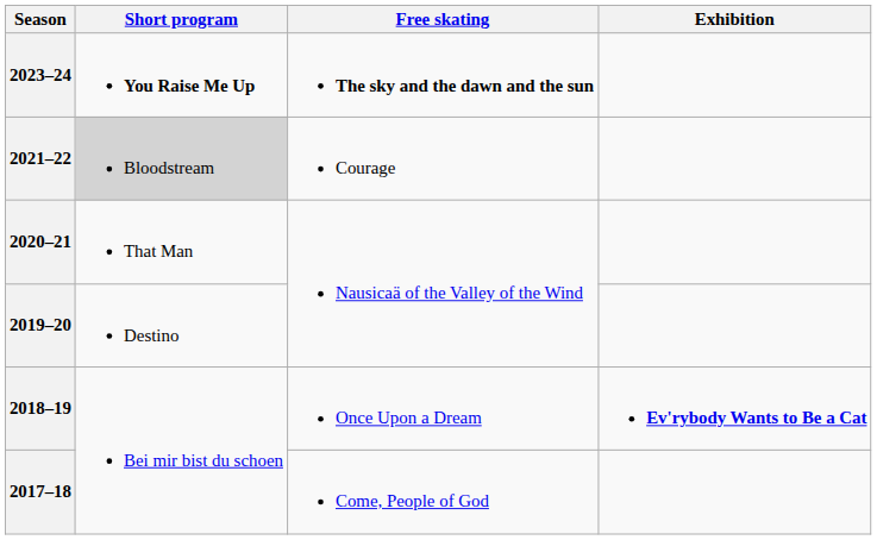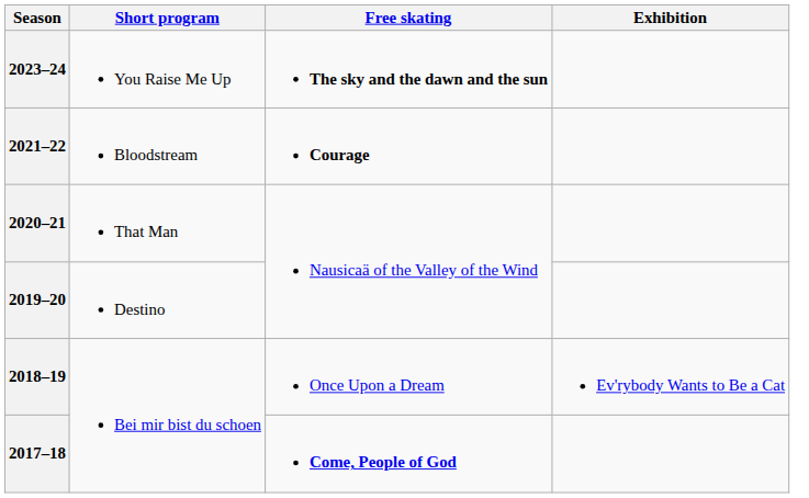 <table class="wikitable">
 <tr>
 <th>Season</th>
 <th><a href='#'>Short program</a></th>
 <th><a href='#'>Free skating</a></th>
 <th>Exhibition</th>
 </tr>
 <tr>
 <th>2023–24</th>
-<td><strong><br><ul><li>You Raise Me Up<br></li></ul></strong></td>
+<td><br><ul><li>You Raise Me Up<br></li></ul></td>
 <td><strong><br><ul><li>The sky and the dawn and the sun<br></li></ul></strong></td>
 <td></td>
 </tr>
 <tr>
 <th>2021–22</th>
-<td style="background: lightgrey;"><br><ul><li>Bloodstream<br></li></ul></td>
-<td><br><ul><li>Courage<br></li></ul></td>
+<td><br><ul><li>Bloodstream<br></li></ul></td>
+<td><strong><br><ul><li>Courage<br></li></ul></strong></td>
 <td></td>
 </tr>
 <tr>
 <th>2020–21 <br></th>
 <td><br><ul><li>That Man<br></li></ul></td>
 <td rowspan=2><br><ul><li><a href='#'>Nausicaä of the Valley of the Wind</a><br></li></ul></td>
 <td></td>
 </tr>
 <tr>
 <th>2019–20<br></th>
 <td><br><ul><li>Destino<br></li></ul></td>
 <td></td>
 </tr>
 <tr>
 <th>2018–19<br></th>
 <td rowspan=2><br><ul><li><a href='#'>Bei mir bist du schoen</a><br></li></ul></td>
 <td><br><ul><li><a href='#'>Once Upon a Dream</a><br></li></ul></td>
-<td><strong><br><ul><li><a href='#'>Ev'rybody Wants to Be a Cat</a> <br></li></ul></strong></td>
+<td><br><ul><li><a href='#'>Ev'rybody Wants to Be a Cat</a> <br></li></ul></td>
 </tr>
 <tr>
 <th>2017–18<br></th>
-<td><br><ul><li><a href='#'>Come, People of God</a><br></li></ul></td>
+<td><strong><br><ul><li><a href='#'>Come, People of God</a><br></li></ul></strong></td>
 <td></td>
 </tr>
 </table>
